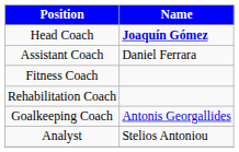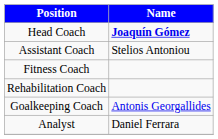 <table class="wikitable plainrowheaders sortable">
 <tr>
 <th style="background:#0000FF; color:#FFFFFF; ">Position</th>
 <th style="background:#0000FF; color:#FFFFFF; ">Name</th>
 </tr>
 <tr>
 <td align=center>Head Coach</td>
 <td align=left><strong> <a href='#'>Joaquín Gómez</a></strong></td>
 </tr>
 <tr>
 <td align=center>Assistant Coach</td>
-<td align=left> Daniel Ferrara</td>
+<td align=left> Stelios Antoniou</td>
 </tr>
 <tr>
 <td align=center>Fitness Coach</td>
 <td align=left></td>
 </tr>
 <tr>
 <td align=center>Rehabilitation Coach</td>
 <td align=left></td>
 </tr>
 <tr>
 <td align=center>Goalkeeping Coach</td>
 <td align=left> <a href='#'>Antonis Georgallides</a></td>
 </tr>
 <tr>
 <td align=center>Analyst</td>
-<td align=left> Stelios Antoniou</td>
+<td align=left> Daniel Ferrara</td>
 </tr>
 <tr>
 </tr>
 </table>
